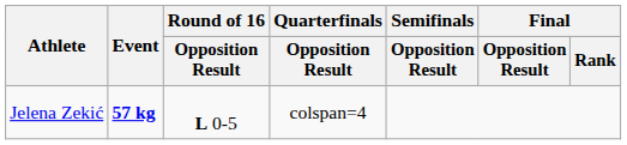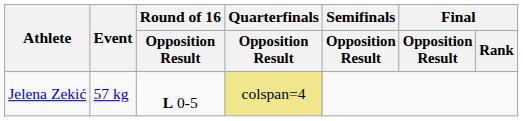 <table class="wikitable" style="font-size:90%">
 <tr>
 <th rowspan="2">Athlete</th>
 <th rowspan="2">Event</th>
 <th>Round of 16</th>
 <th>Quarterfinals</th>
 <th>Semifinals</th>
 <th colspan=2>Final</th>
 </tr>
 <tr style="font-size:95%">
 <th>Opposition<br>Result</th>
 <th>Opposition<br>Result</th>
 <th>Opposition<br>Result</th>
 <th>Opposition<br>Result</th>
 <th>Rank</th>
 </tr>
 <tr align=center>
 <td align=left><a href='#'>Jelena Zekić</a></td>
-<td align=left><strong><a href='#'>57 kg</a></strong></td>
+<td align=left><a href='#'>57 kg</a></td>
 <td><br><strong>L</strong> 0-5 </td>
-<td>colspan=4 </td>
+<td style="background: khaki;">colspan=4 </td>
 </tr>
 </table>
